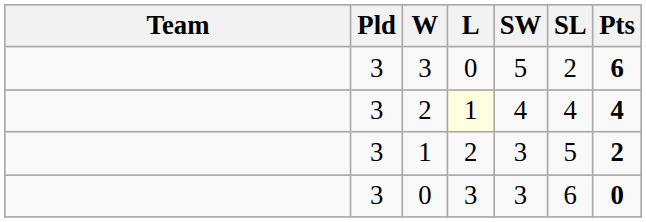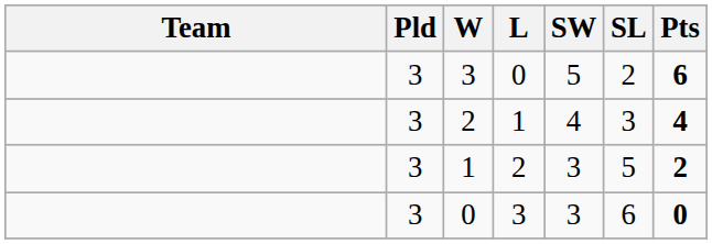 <table class=wikitable style="text-align:center">
 <tr>
 <th width=200>Team</th>
 <th width=20>Pld</th>
 <th width=20>W</th>
 <th width=20>L</th>
 <th width=20>SW</th>
 <th width=20>SL</th>
 <th width=20>Pts</th>
 </tr>
 <tr>
 <td align=left></td>
 <td>3</td>
 <td>3</td>
 <td>0</td>
 <td>5</td>
 <td>2</td>
 <td><strong>6</strong></td>
 </tr>
 <tr>
 <td align=left></td>
 <td>3</td>
 <td>2</td>
-<td style="background: lightyellow;">1</td>
+<td>1</td>
 <td>4</td>
-<td>4</td>
+<td>3</td>
 <td><strong>4</strong></td>
 </tr>
 <tr>
 <td align=left></td>
 <td>3</td>
 <td>1</td>
 <td>2</td>
 <td>3</td>
 <td>5</td>
 <td><strong>2</strong></td>
 </tr>
 <tr>
 <td align=left></td>
 <td>3</td>
 <td>0</td>
 <td>3</td>
 <td>3</td>
 <td>6</td>
 <td><strong>0</strong></td>
 </tr>
 </table>
